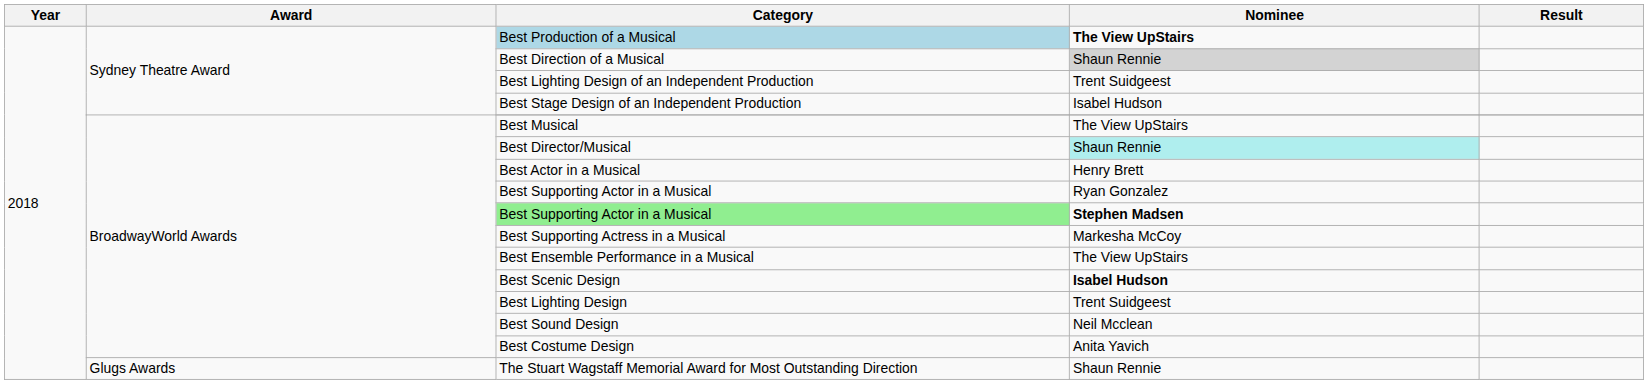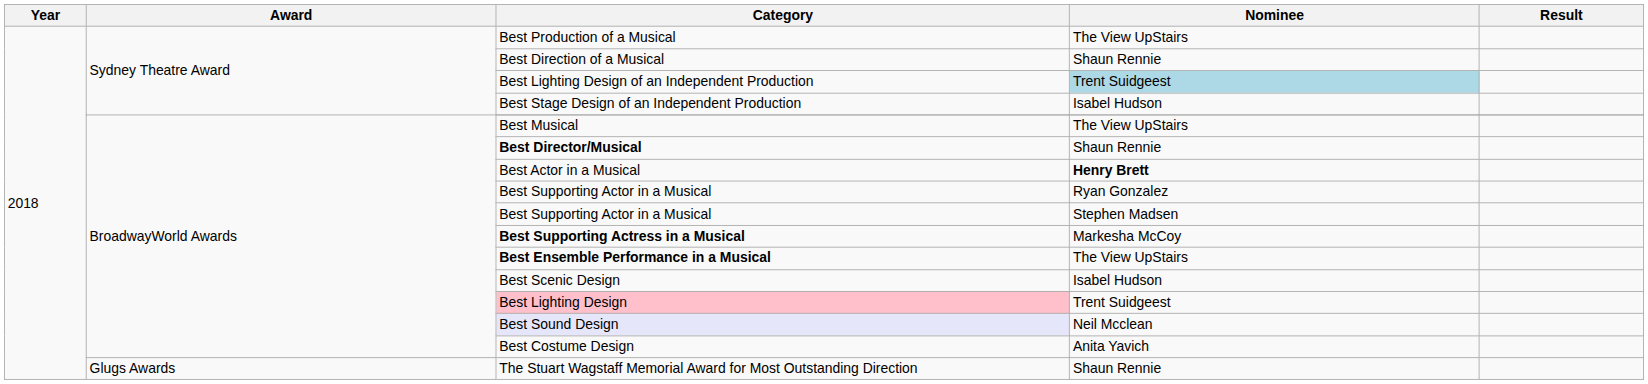 <table class="wikitable" width="95%">
 <tr>
 <th width="5%">Year</th>
 <th width="25%">Award</th>
 <th width="35%">Category</th>
 <th width="25%">Nominee</th>
 <th width="10%">Result</th>
 </tr>
 <tr>
 <td rowspan="17">2018</td>
 <td rowspan="4">Sydney Theatre Award</td>
-<td style="background: lightblue;">Best Production of a Musical</td>
-<td><strong>The View UpStairs</strong></td>
+<td>Best Production of a Musical</td>
+<td>The View UpStairs</td>
 <td></td>
 </tr>
 <tr>
 <td>Best Direction of a Musical</td>
-<td style="background: lightgrey;">Shaun Rennie</td>
+<td>Shaun Rennie</td>
 <td></td>
 </tr>
 <tr>
 <td>Best Lighting Design of an Independent Production</td>
-<td>Trent Suidgeest</td>
+<td style="background: lightblue;">Trent Suidgeest</td>
 <td></td>
 </tr>
 <tr>
 <td>Best Stage Design of an Independent Production</td>
 <td>Isabel Hudson</td>
 <td></td>
 </tr>
 <tr>
 <td rowspan="12">BroadwayWorld Awards</td>
 </tr>
 <tr>
 <td>Best Musical</td>
 <td>The View UpStairs</td>
 <td></td>
 </tr>
 <tr>
-<td>Best Director/Musical</td>
-<td style="background: paleturquoise;">Shaun Rennie</td>
+<td><strong>Best Director/Musical</strong></td>
+<td>Shaun Rennie</td>
 <td></td>
 </tr>
 <tr>
 <td>Best Actor in a Musical</td>
-<td>Henry Brett</td>
+<td><strong>Henry Brett</strong></td>
 <td></td>
 </tr>
 <tr>
 <td>Best Supporting Actor in a Musical</td>
 <td>Ryan Gonzalez</td>
 <td></td>
 </tr>
 <tr>
-<td style="background: lightgreen;">Best Supporting Actor in a Musical</td>
-<td><strong>Stephen Madsen</strong></td>
+<td>Best Supporting Actor in a Musical</td>
+<td>Stephen Madsen</td>
 <td></td>
 </tr>
 <tr>
-<td>Best Supporting Actress in a Musical</td>
+<td><strong>Best Supporting Actress in a Musical</strong></td>
 <td>Markesha McCoy</td>
 <td></td>
 </tr>
 <tr>
-<td>Best Ensemble Performance in a Musical</td>
+<td><strong>Best Ensemble Performance in a Musical</strong></td>
 <td>The View UpStairs</td>
 <td></td>
 </tr>
 <tr>
 <td>Best Scenic Design</td>
-<td><strong>Isabel Hudson</strong></td>
+<td>Isabel Hudson</td>
 <td></td>
 </tr>
 <tr>
-<td>Best Lighting Design</td>
+<td style="background: pink;">Best Lighting Design</td>
 <td>Trent Suidgeest</td>
 <td></td>
 </tr>
 <tr>
-<td>Best Sound Design</td>
+<td style="background: lavender;">Best Sound Design</td>
 <td>Neil Mcclean</td>
 <td></td>
 </tr>
 <tr>
 <td>Best Costume Design</td>
 <td>Anita Yavich</td>
 <td></td>
 </tr>
 <tr>
 <td>Glugs Awards</td>
 <td>The Stuart Wagstaff Memorial Award for Most Outstanding Direction</td>
 <td>Shaun Rennie</td>
 <td></td>
 </tr>
 </table>
